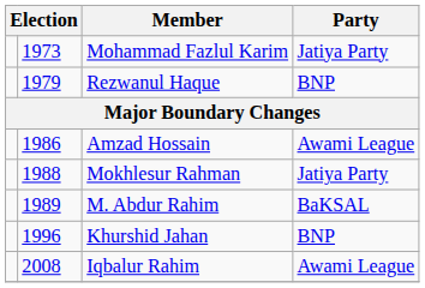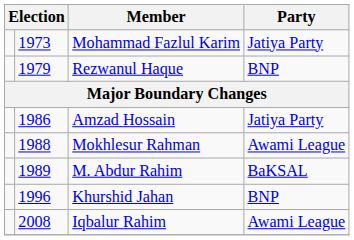 <table class="wikitable">
 <tr>
 <th colspan="2">Election</th>
 <th>Member</th>
 <th>Party</th>
 </tr>
 <tr>
 <td style="background-color:"></td>
 <td><a href='#'>1973</a></td>
 <td><a href='#'>Mohammad Fazlul Karim</a></td>
 <td><a href='#'>Jatiya Party</a></td>
 </tr>
 <tr>
 <td style="background-color:"></td>
 <td><a href='#'>1979</a></td>
 <td><a href='#'>Rezwanul Haque</a></td>
 <td><a href='#'>BNP</a></td>
 </tr>
 <tr>
 <th colspan="4">Major Boundary Changes</th>
 </tr>
 <tr>
 <td style="background-color:"></td>
 <td><a href='#'>1986</a></td>
 <td><a href='#'>Amzad Hossain</a></td>
-<td><a href='#'>Awami League</a></td>
+<td><a href='#'>Jatiya Party</a></td>
 </tr>
 <tr>
 <td style="background-color:"></td>
 <td><a href='#'>1988</a></td>
 <td><a href='#'>Mokhlesur Rahman</a></td>
-<td><a href='#'>Jatiya Party</a></td>
+<td><a href='#'>Awami League</a></td>
 </tr>
 <tr>
 <td style="background-color:"></td>
 <td><a href='#'>1989</a></td>
 <td><a href='#'>M. Abdur Rahim</a></td>
 <td><a href='#'>BaKSAL</a></td>
 </tr>
 <tr>
 <td style="background-color:"></td>
 <td><a href='#'>1996</a></td>
 <td><a href='#'>Khurshid Jahan</a></td>
 <td><a href='#'>BNP</a></td>
 </tr>
 <tr>
 <td style="background-color:"></td>
 <td><a href='#'>2008</a></td>
 <td><a href='#'>Iqbalur Rahim</a></td>
 <td><a href='#'>Awami League</a></td>
 </tr>
 <tr>
 </tr>
 </table>
